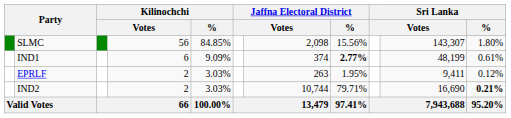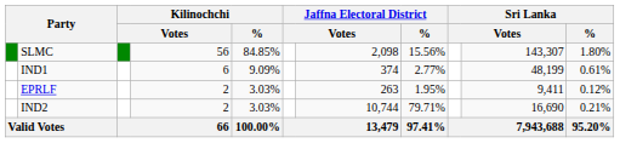 <table class="wikitable">
 <tr>
 <th colspan="2" width="144px"rowspan="2">Party</th>
 <th colspan="3" width="216px">Kilinochchi</th>
 <th colspan="3" width="216px"><a href='#'>Jaffna Electoral District</a></th>
 <th colspan="3" width="216px">Sri Lanka</th>
 </tr>
 <tr>
 <th colspan="2" width="144px">Votes</th>
 <th>%</th>
 <th colspan="2" width="144px">Votes</th>
 <th>%</th>
 <th colspan="2" width="144px">Votes</th>
 <th>%</th>
 </tr>
 <tr>
 <td style="background-color:#008800;" width="10px"></td>
 <td style="text-align:left;">SLMC</td>
 <td style="background-color:#008800;" width="10px"></td>
 <td style="text-align:right;">56</td>
 <td style="text-align:right;">84.85%</td>
 <td style="background-color:white;" width="10px"></td>
 <td style="text-align:right;">2,098</td>
 <td style="text-align:right;">15.56%</td>
 <td style="background-color:white;" width="10px"></td>
 <td style="text-align:right;">143,307</td>
 <td style="text-align:right;">1.80%</td>
 </tr>
 <tr>
 <td style="background-color:white;" width="10px"></td>
 <td style="text-align:left;">IND1</td>
 <td style="background-color:white;" width="10px"></td>
 <td style="text-align:right;">6</td>
 <td style="text-align:right;">9.09%</td>
 <td style="background-color:white;" width="10px"></td>
 <td style="text-align:right;">374</td>
-<td style="text-align:right;"><strong>2.77%</strong></td>
+<td style="text-align:right;">2.77%</td>
 <td style="background-color:white;" width="10px"></td>
 <td style="text-align:right;">48,199</td>
 <td style="text-align:right;">0.61%</td>
 </tr>
 <tr>
 <td style="background-color:white;" width="10px"></td>
 <td style="text-align:left;"><a href='#'>EPRLF</a></td>
 <td style="background-color:white;" width="10px"></td>
 <td style="text-align:right;">2</td>
 <td style="text-align:right;">3.03%</td>
 <td style="background-color:white;" width="10px"></td>
 <td style="text-align:right;">263</td>
 <td style="text-align:right;">1.95%</td>
 <td style="background-color:white;" width="10px"></td>
 <td style="text-align:right;">9,411</td>
 <td style="text-align:right;">0.12%</td>
 </tr>
 <tr>
 <td style="background-color:white;" width="10px"></td>
 <td style="text-align:left;">IND2</td>
 <td style="background-color:white;" width="10px"></td>
 <td style="text-align:right;">2</td>
 <td style="text-align:right;">3.03%</td>
 <td style="background-color:white;" width="10px"></td>
 <td style="text-align:right;">10,744</td>
 <td style="text-align:right;">79.71%</td>
 <td style="background-color:white;" width="10px"></td>
 <td style="text-align:right;">16,690</td>
-<td style="text-align:right;"><strong>0.21%</strong></td>
+<td style="text-align:right;">0.21%</td>
 </tr>
 <tr>
 <th colspan="2" width="144px"style="text-align:left;">Valid Votes</th>
 <th style="text-align:right;"colspan="2" width="144px">66</th>
 <th style="text-align:right;">100.00%</th>
 <th style="text-align:right;"colspan="2" width="144px">13,479</th>
 <th style="text-align:right;">97.41%</th>
 <th style="text-align:right;"colspan="2" width="144px">7,943,688</th>
 <th style="text-align:right;">95.20%</th>
 </tr>
 </table>
